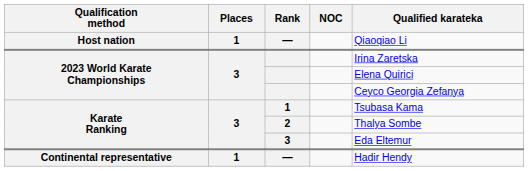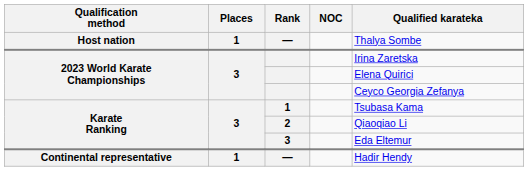 <table class="wikitable" width=800>
 <tr>
 <th>Qualification<br>method</th>
 <th>Places</th>
 <th>Rank</th>
 <th>NOC</th>
 <th>Qualified karateka</th>
 </tr>
 <tr style="border-bottom: 3px solid grey;">
 <th>Host nation</th>
 <th>1</th>
 <th>—</th>
 <td></td>
-<td><a href='#'>Qiaoqiao Li</a></td>
+<td><a href='#'>Thalya Sombe</a></td>
 </tr>
 <tr>
 <th rowspan=3>2023 World Karate<br>Championships</th>
 <th rowspan=3>3</th>
 <th></th>
 <td></td>
 <td><a href='#'>Irina Zaretska</a></td>
 </tr>
 <tr>
 <th></th>
 <td></td>
 <td><a href='#'>Elena Quirici</a></td>
 </tr>
 <tr>
 <th></th>
 <td></td>
 <td><a href='#'>Ceyco Georgia Zefanya</a></td>
 </tr>
 <tr>
 <th rowspan=3>Karate<br>Ranking</th>
 <th rowspan=3>3</th>
 <th>1</th>
 <td></td>
 <td><a href='#'>Tsubasa Kama</a></td>
 </tr>
 <tr>
 <th>2</th>
 <td></td>
-<td><a href='#'>Thalya Sombe</a></td>
+<td><a href='#'>Qiaoqiao Li</a></td>
 </tr>
 <tr>
 <th>3</th>
 <td></td>
 <td><a href='#'>Eda Eltemur</a></td>
 </tr>
 <tr>
 </tr>
 <tr style="border-top: 3px solid grey;">
 <th rowspan=5>Continental representative</th>
 <th>1</th>
 <th>—</th>
 <td></td>
 <td><a href='#'>Hadir Hendy</a></td>
 </tr>
 </table>
